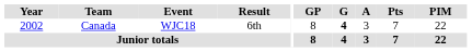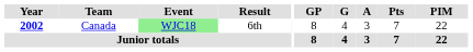 <table border="0" cellpadding="1" cellspacing="0" ID="Table3" style="text-align:center; width:40em">
 <tr ALIGN="center" bgcolor="#e0e0e0">
 <th>Year</th>
 <th>Team</th>
 <th>Event</th>
 <th>Result</th>
 <th rowspan="99" bgcolor="#ffffff"></th>
 <th>GP</th>
 <th>G</th>
 <th>A</th>
 <th>Pts</th>
 <th>PIM</th>
 </tr>
 <tr>
-<td><a href='#'>2002</a></td>
+<td><strong><a href='#'>2002</a></strong></td>
 <td><a href='#'>Canada</a></td>
-<td><a href='#'>WJC18</a></td>
+<td style="background: lightgreen;"><a href='#'>WJC18</a></td>
 <td>6th</td>
 <td>8</td>
-<td><strong>4</strong></td>
+<td>4</td>
 <td>3</td>
 <td>7</td>
 <td>22</td>
 </tr>
 <tr bgcolor="#e0e0e0">
 <th colspan="4">Junior totals</th>
 <th>8</th>
 <th>4</th>
 <th>3</th>
 <th>7</th>
 <th>22</th>
 </tr>
 </table>
